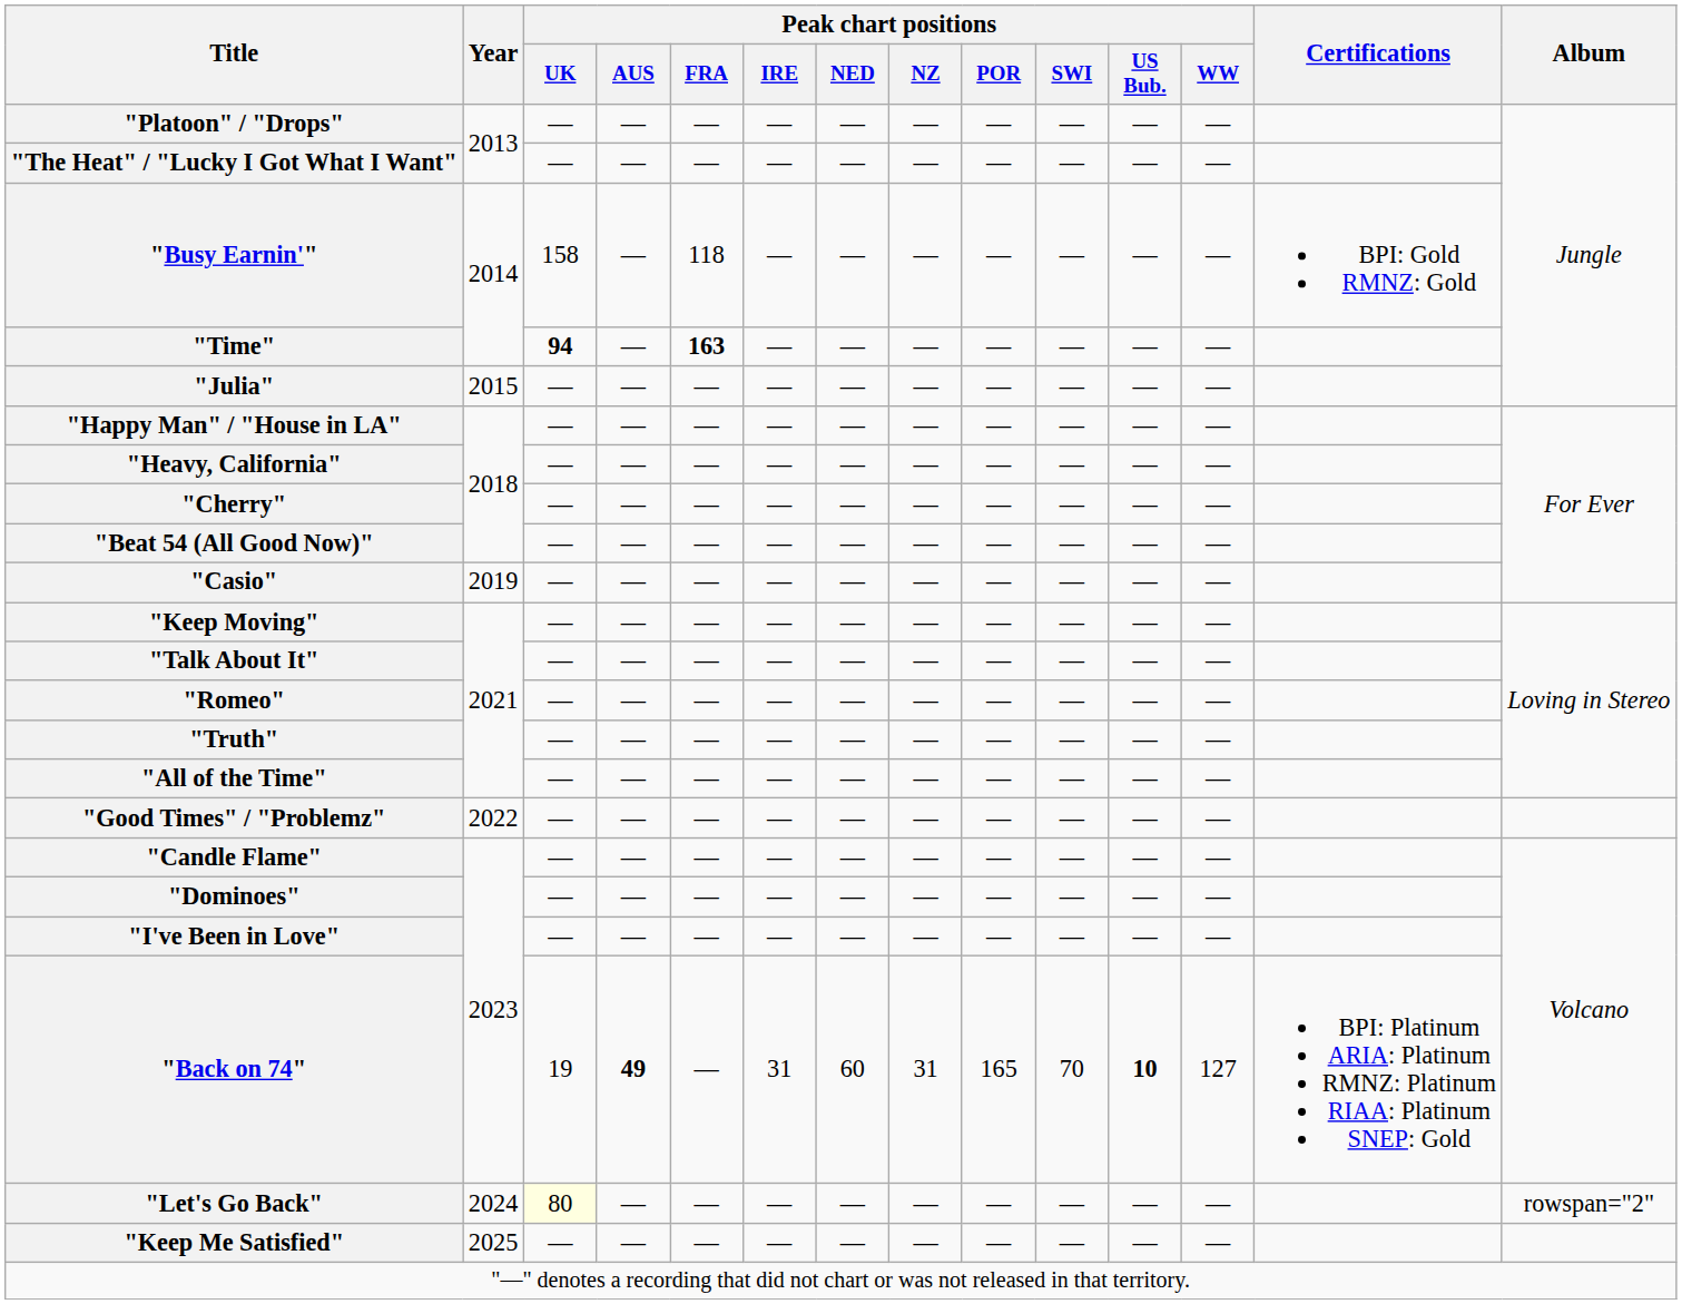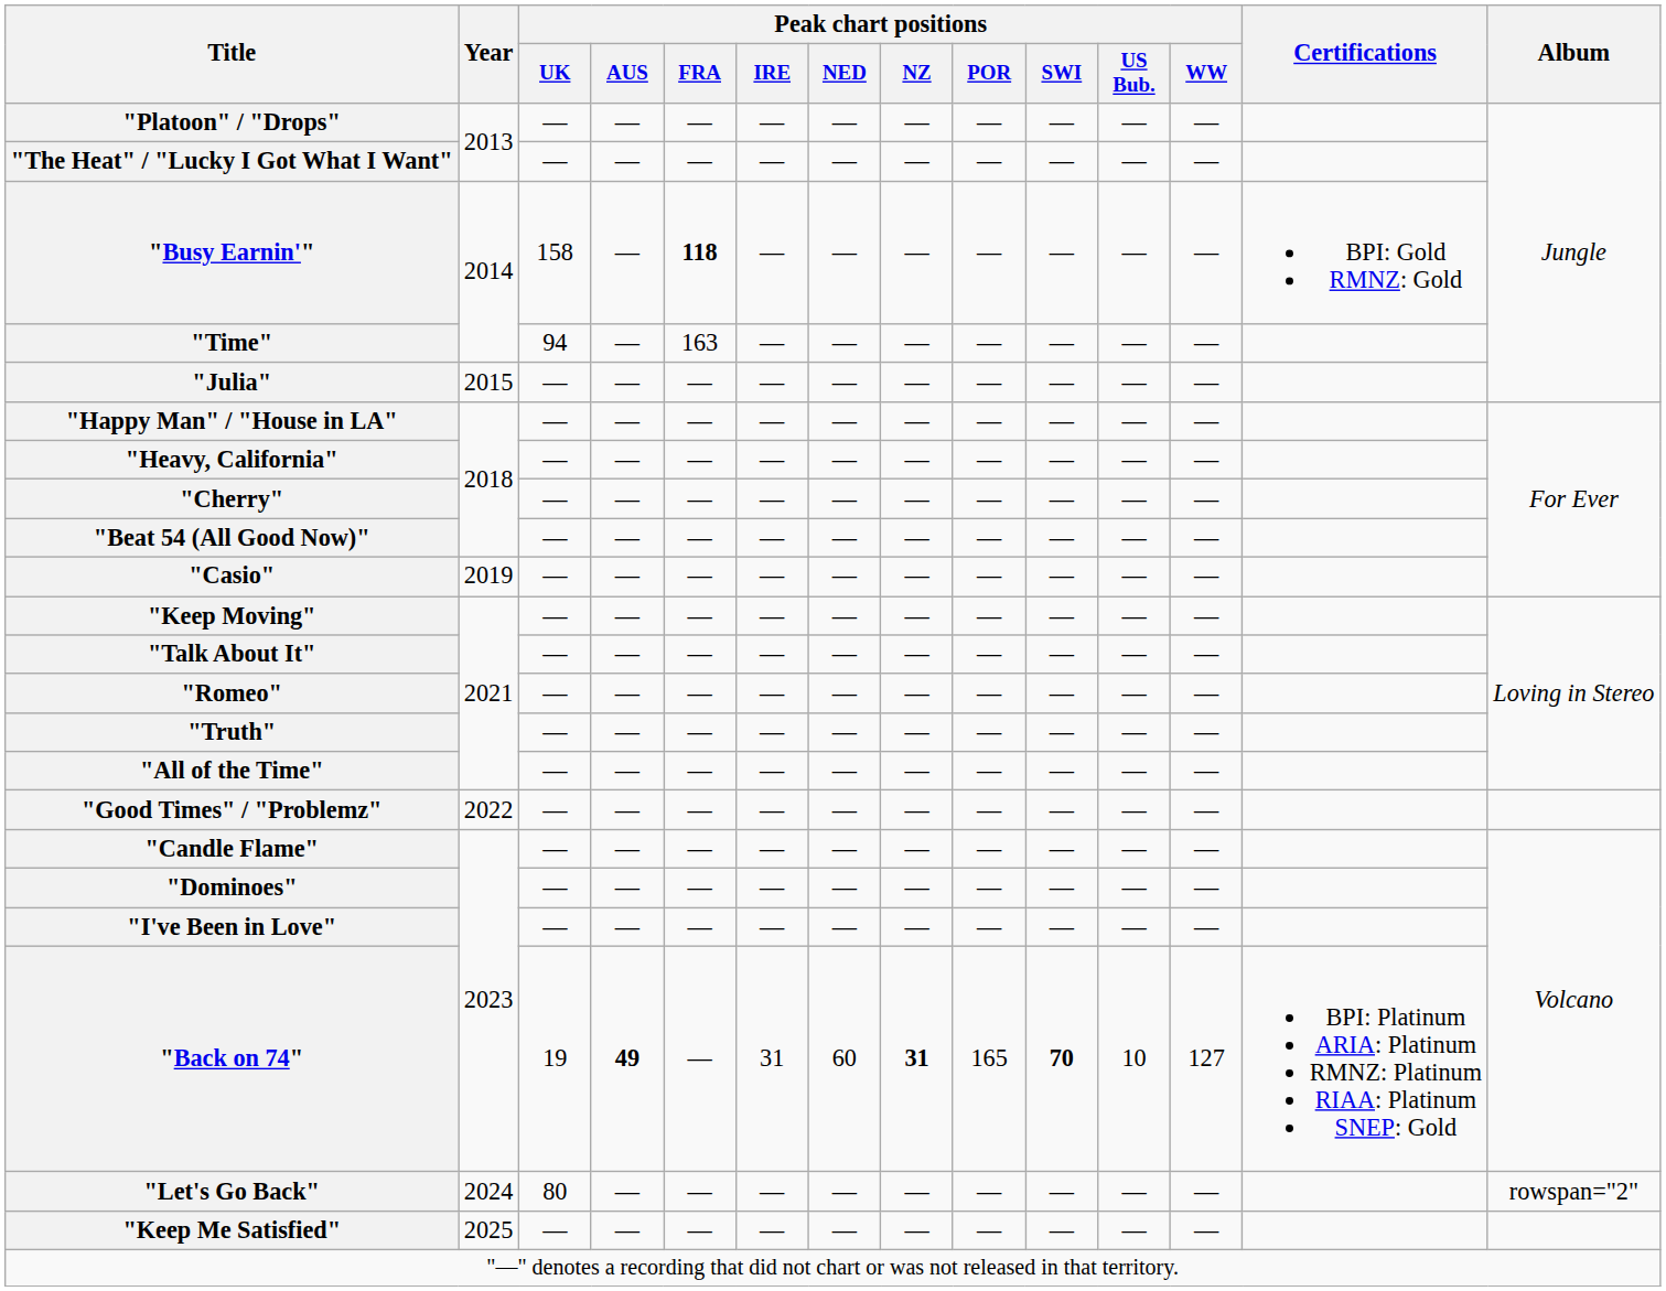 <table class="wikitable plainrowheaders" style="text-align:center;">
 <tr>
 <th scope="col" rowspan="2">Title</th>
 <th scope="col" rowspan="2">Year</th>
 <th scope="col" colspan="10">Peak chart positions</th>
 <th scope="col" rowspan="2"><a href='#'>Certifications</a></th>
 <th scope="col" rowspan="2">Album</th>
 </tr>
 <tr>
 <th scope="col" style="width:3em;font-size:85%;"><a href='#'>UK</a><br></th>
 <th scope="col" style="width:3em;font-size:85%;"><a href='#'>AUS</a><br></th>
 <th scope="col" style="width:3em;font-size:85%;"><a href='#'>FRA</a><br></th>
 <th scope="col" style="width:3em;font-size:85%;"><a href='#'>IRE</a><br></th>
 <th scope="col" style="width:3em;font-size:85%;"><a href='#'>NED</a><br></th>
 <th scope="col" style="width:3em;font-size:85%;"><a href='#'>NZ</a><br></th>
 <th scope="col" style="width:3em;font-size:85%;"><a href='#'>POR</a><br></th>
 <th scope="col" style="width:3em;font-size:85%;"><a href='#'>SWI</a><br></th>
 <th scope="col" style="width:3em;font-size:85%;"><a href='#'>US<br>Bub.</a><br></th>
 <th scope="col" style="width:3em;font-size:85%;"><a href='#'>WW</a><br></th>
 </tr>
 <tr>
 <th scope="row">"Platoon" / "Drops"</th>
 <td rowspan="2">2013</td>
 <td>—</td>
 <td>—</td>
 <td>—</td>
 <td>—</td>
 <td>—</td>
 <td>—</td>
 <td>—</td>
 <td>—</td>
 <td>—</td>
 <td>—</td>
 <td></td>
 <td rowspan="5"><em>Jungle</em></td>
 </tr>
 <tr>
 <th scope="row">"The Heat" / "Lucky I Got What I Want"</th>
 <td>—</td>
 <td>—</td>
 <td>—</td>
 <td>—</td>
 <td>—</td>
 <td>—</td>
 <td>—</td>
 <td>—</td>
 <td>—</td>
 <td>—</td>
 <td></td>
 </tr>
 <tr>
 <th scope="row">"<a href='#'>Busy Earnin'</a>"</th>
 <td rowspan="2">2014</td>
 <td>158</td>
 <td>—</td>
-<td>118</td>
+<td><strong>118</strong></td>
 <td>—</td>
 <td>—</td>
 <td>—</td>
 <td>—</td>
 <td>—</td>
 <td>—</td>
 <td>—</td>
 <td><br><ul><li>BPI: Gold</li><li><a href='#'>RMNZ</a>: Gold</li></ul></td>
 </tr>
 <tr>
 <th scope="row">"Time"</th>
-<td><strong>94</strong></td>
+<td>94</td>
 <td>—</td>
-<td><strong>163</strong></td>
+<td>163</td>
 <td>—</td>
 <td>—</td>
 <td>—</td>
 <td>—</td>
 <td>—</td>
 <td>—</td>
 <td>—</td>
 <td></td>
 </tr>
 <tr>
 <th scope="row">"Julia"</th>
 <td>2015</td>
 <td>—</td>
 <td>—</td>
 <td>—</td>
 <td>—</td>
 <td>—</td>
 <td>—</td>
 <td>—</td>
 <td>—</td>
 <td>—</td>
 <td>—</td>
 <td></td>
 </tr>
 <tr>
 <th scope="row">"Happy Man" / "House in LA"</th>
 <td rowspan="4">2018</td>
 <td>—</td>
 <td>—</td>
 <td>—</td>
 <td>—</td>
 <td>—</td>
 <td>—</td>
 <td>—</td>
 <td>—</td>
 <td>—</td>
 <td>—</td>
 <td></td>
 <td rowspan="5"><em>For Ever</em></td>
 </tr>
 <tr>
 <th scope="row">"Heavy, California"</th>
 <td>—</td>
 <td>—</td>
 <td>—</td>
 <td>—</td>
 <td>—</td>
 <td>—</td>
 <td>—</td>
 <td>—</td>
 <td>—</td>
 <td>—</td>
 <td></td>
 </tr>
 <tr>
 <th scope="row">"Cherry"</th>
 <td>—</td>
 <td>—</td>
 <td>—</td>
 <td>—</td>
 <td>—</td>
 <td>—</td>
 <td>—</td>
 <td>—</td>
 <td>—</td>
 <td>—</td>
 <td></td>
 </tr>
 <tr>
 <th scope="row">"Beat 54 (All Good Now)"</th>
 <td>—</td>
 <td>—</td>
 <td>—</td>
 <td>—</td>
 <td>—</td>
 <td>—</td>
 <td>—</td>
 <td>—</td>
 <td>—</td>
 <td>—</td>
 <td></td>
 </tr>
 <tr>
 <th scope="row">"Casio"</th>
 <td>2019</td>
 <td>—</td>
 <td>—</td>
 <td>—</td>
 <td>—</td>
 <td>—</td>
 <td>—</td>
 <td>—</td>
 <td>—</td>
 <td>—</td>
 <td>—</td>
 <td></td>
 </tr>
 <tr>
 <th scope="row">"Keep Moving"</th>
 <td rowspan="5">2021</td>
 <td>—</td>
 <td>—</td>
 <td>—</td>
 <td>—</td>
 <td>—</td>
 <td>—</td>
 <td>—</td>
 <td>—</td>
 <td>—</td>
 <td>—</td>
 <td></td>
 <td rowspan="5"><em>Loving in Stereo</em></td>
 </tr>
 <tr>
 <th scope="row">"Talk About It"</th>
 <td>—</td>
 <td>—</td>
 <td>—</td>
 <td>—</td>
 <td>—</td>
 <td>—</td>
 <td>—</td>
 <td>—</td>
 <td>—</td>
 <td>—</td>
 <td></td>
 </tr>
 <tr>
 <th scope="row">"Romeo"<br></th>
 <td>—</td>
 <td>—</td>
 <td>—</td>
 <td>—</td>
 <td>—</td>
 <td>—</td>
 <td>—</td>
 <td>—</td>
 <td>—</td>
 <td>—</td>
 <td></td>
 </tr>
 <tr>
 <th scope="row">"Truth"</th>
 <td>—</td>
 <td>—</td>
 <td>—</td>
 <td>—</td>
 <td>—</td>
 <td>—</td>
 <td>—</td>
 <td>—</td>
 <td>—</td>
 <td>—</td>
 <td></td>
 </tr>
 <tr>
 <th scope="row">"All of the Time"</th>
 <td>—</td>
 <td>—</td>
 <td>—</td>
 <td>—</td>
 <td>—</td>
 <td>—</td>
 <td>—</td>
 <td>—</td>
 <td>—</td>
 <td>—</td>
 <td></td>
 </tr>
 <tr>
 <th scope="row">"Good Times" / "Problemz"</th>
 <td>2022</td>
 <td>—</td>
 <td>—</td>
 <td>—</td>
 <td>—</td>
 <td>—</td>
 <td>—</td>
 <td>—</td>
 <td>—</td>
 <td>—</td>
 <td>—</td>
 <td></td>
 <td></td>
 </tr>
 <tr>
 <th scope="row">"Candle Flame"</th>
 <td rowspan="4">2023</td>
 <td>—</td>
 <td>—</td>
 <td>—</td>
 <td>—</td>
 <td>—</td>
 <td>—</td>
 <td>—</td>
 <td>—</td>
 <td>—</td>
 <td>—</td>
 <td></td>
 <td rowspan="4"><em>Volcano</em></td>
 </tr>
 <tr>
 <th scope="row">"Dominoes"</th>
 <td>—</td>
 <td>—</td>
 <td>—</td>
 <td>—</td>
 <td>—</td>
 <td>—</td>
 <td>—</td>
 <td>—</td>
 <td>—</td>
 <td>—</td>
 <td></td>
 </tr>
 <tr>
 <th scope="row">"I've Been in Love"<br></th>
 <td>—</td>
 <td>—</td>
 <td>—</td>
 <td>—</td>
 <td>—</td>
 <td>—</td>
 <td>—</td>
 <td>—</td>
 <td>—</td>
 <td>—</td>
 <td></td>
 </tr>
 <tr>
 <th scope="row">"<a href='#'>Back on 74</a>"</th>
 <td>19</td>
 <td><strong>49</strong></td>
 <td>—</td>
 <td>31</td>
 <td>60</td>
-<td>31</td>
+<td><strong>31</strong></td>
 <td>165</td>
-<td>70</td>
-<td><strong>10</strong></td>
+<td><strong>70</strong></td>
+<td>10</td>
 <td>127</td>
 <td><br><ul><li>BPI: Platinum</li><li><a href='#'>ARIA</a>: Platinum</li><li>RMNZ: Platinum</li><li><a href='#'>RIAA</a>: Platinum</li><li><a href='#'>SNEP</a>: Gold</li></ul></td>
 </tr>
 <tr>
 <th scope="row">"Let's Go Back"</th>
 <td>2024</td>
-<td style="background: lightyellow;">80</td>
+<td>80</td>
 <td>—</td>
 <td>—</td>
 <td>—</td>
 <td>—</td>
 <td>—</td>
 <td>—</td>
 <td>—</td>
 <td>—</td>
 <td>—</td>
 <td></td>
 <td>rowspan="2" </td>
 </tr>
 <tr>
 <th scope="row">"Keep Me Satisfied"</th>
 <td>2025</td>
 <td>—</td>
 <td>—</td>
 <td>—</td>
 <td>—</td>
 <td>—</td>
 <td>—</td>
 <td>—</td>
 <td>—</td>
 <td>—</td>
 <td>—</td>
 <td></td>
 </tr>
 <tr>
 <td colspan="14" style="font-size:90%">"—" denotes a recording that did not chart or was not released in that territory.</td>
 </tr>
 </table>
